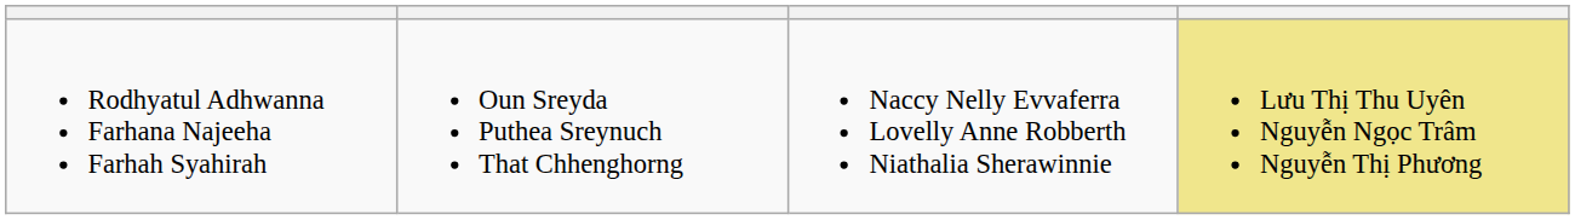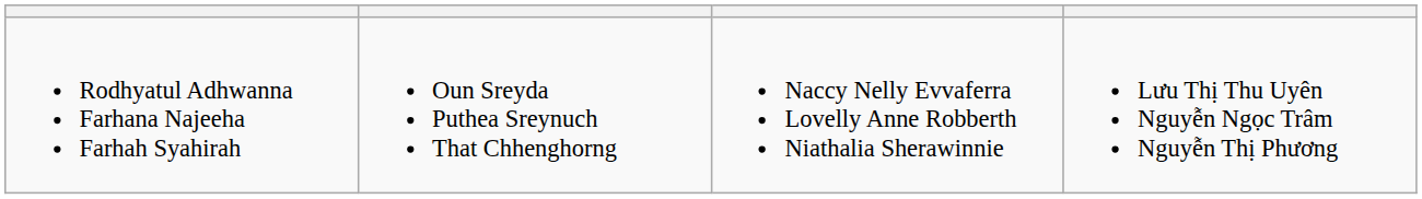 <table class="wikitable" style="font-size:90%">
 <tr>
 <th width=200></th>
 <th width=200></th>
 <th width=200></th>
 <th width=200></th>
 </tr>
 <tr>
 <td valign=top><br><ul><li>Rodhyatul Adhwanna</li><li>Farhana Najeeha</li><li>Farhah Syahirah</li></ul></td>
 <td valign=top><br><ul><li>Oun Sreyda</li><li>Puthea Sreynuch</li><li>That Chhenghorng</li></ul></td>
 <td valign=top><br><ul><li>Naccy Nelly Evvaferra</li><li>Lovelly Anne Robberth</li><li>Niathalia Sherawinnie</li></ul></td>
-<td valign=top style="background: khaki;"><br><ul><li>Lưu Thị Thu Uyên</li><li>Nguyễn Ngọc Trâm</li><li>Nguyễn Thị Phương</li></ul></td>
+<td valign=top><br><ul><li>Lưu Thị Thu Uyên</li><li>Nguyễn Ngọc Trâm</li><li>Nguyễn Thị Phương</li></ul></td>
 </tr>
 </table>
